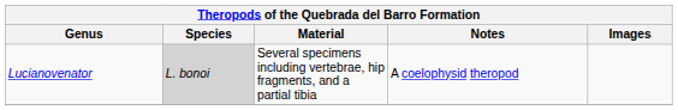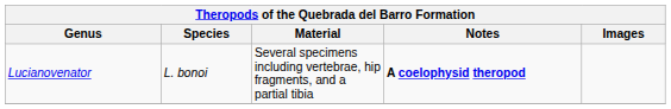 <table class="wikitable" align="center">
 <tr>
 <th colspan="7" align="center"><strong><a href='#'>Theropods</a> of the Quebrada del Barro Formation</strong></th>
 </tr>
 <tr>
 <th>Genus</th>
 <th>Species</th>
 <th width="20%">Material</th>
 <th width="30%">Notes</th>
 <th>Images</th>
 </tr>
 <tr>
 <td><em><a href='#'>Lucianovenator</a></em></td>
-<td style="background: lightgrey;"><em>L. bonoi</em></td>
+<td><em>L. bonoi</em></td>
 <td>Several specimens including vertebrae, hip fragments, and a partial tibia</td>
-<td>A <a href='#'>coelophysid</a> <a href='#'>theropod</a></td>
+<td><strong>A <a href='#'>coelophysid</a> <a href='#'>theropod</a></strong></td>
 <td></td>
 </tr>
 <tr>
 </tr>
 </table>
